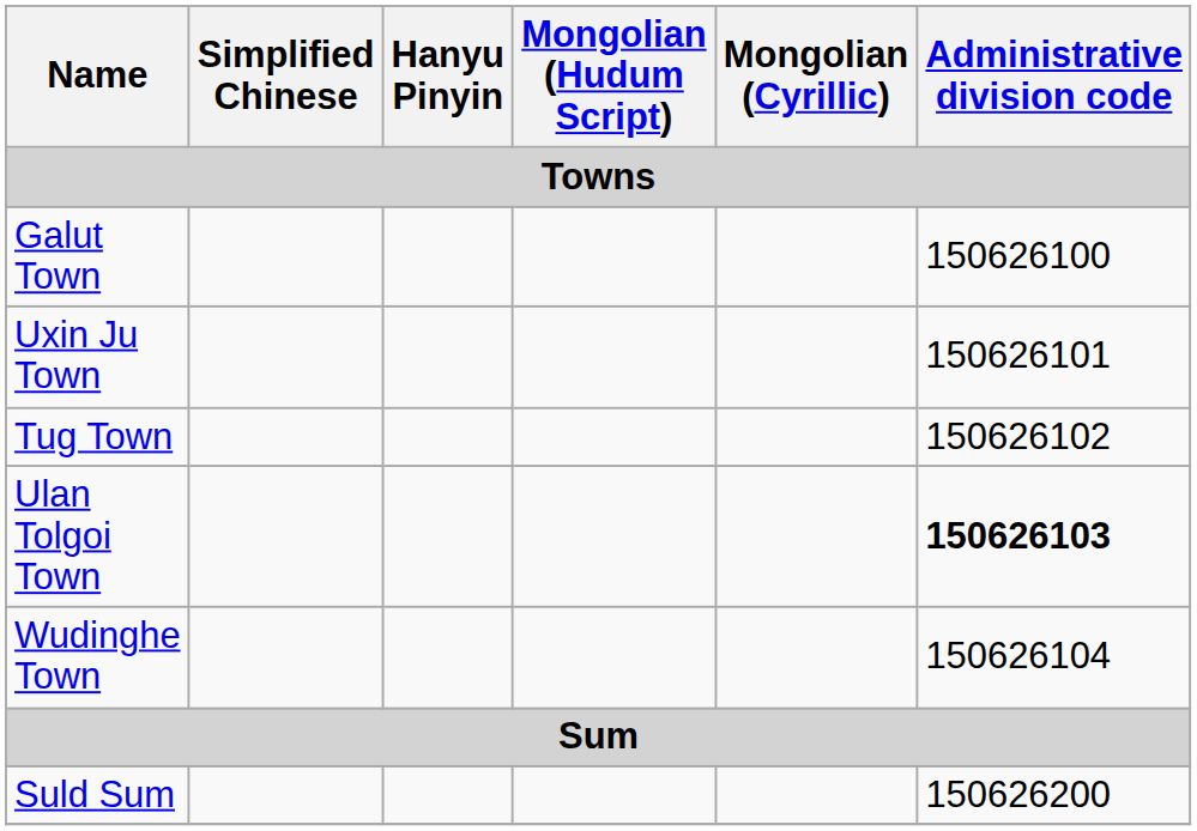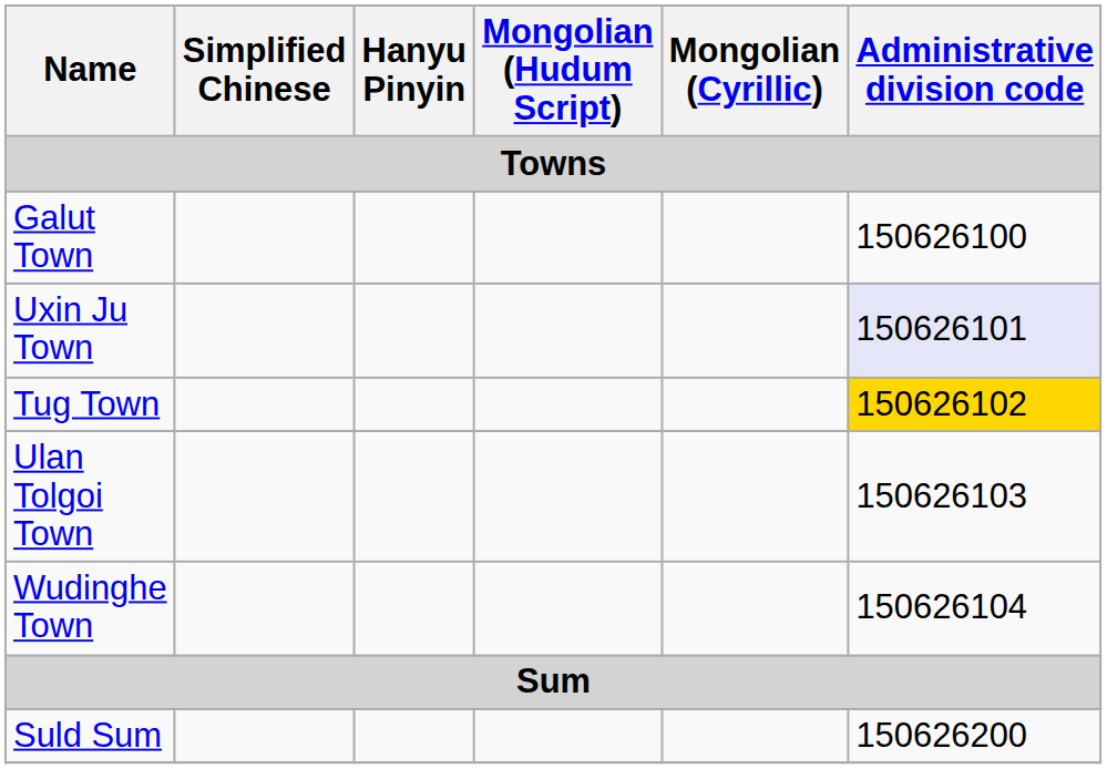 <table class="wikitable" align="center" style="width:50%; border="1">
 <tr>
 <th>Name</th>
 <th>Simplified Chinese</th>
 <th>Hanyu Pinyin</th>
 <th><a href='#'>Mongolian</a> (<a href='#'>Hudum Script</a>)</th>
 <th>Mongolian (<a href='#'>Cyrillic</a>)</th>
 <th><a href='#'>Administrative division code</a></th>
 </tr>
 <tr>
 <td colspan="6"  style="text-align:center; background:#d3d3d3;"><strong>Towns</strong></td>
 </tr>
 <tr --------->
 <td><a href='#'>Galut Town</a></td>
 <td></td>
 <td></td>
 <td></td>
 <td></td>
 <td>150626100</td>
 </tr>
 <tr>
 <td><a href='#'>Uxin Ju Town</a></td>
 <td></td>
 <td></td>
 <td></td>
 <td></td>
-<td>150626101</td>
+<td style="background: lavender;">150626101</td>
 </tr>
 <tr>
 <td><a href='#'>Tug Town</a></td>
 <td></td>
 <td></td>
 <td></td>
 <td></td>
-<td>150626102</td>
+<td style="background: gold;">150626102</td>
 </tr>
 <tr>
 <td><a href='#'>Ulan Tolgoi Town</a></td>
 <td></td>
 <td></td>
 <td></td>
 <td></td>
-<td><strong>150626103</strong></td>
+<td>150626103</td>
 </tr>
 <tr>
 <td><a href='#'>Wudinghe Town</a></td>
 <td></td>
 <td></td>
 <td></td>
 <td></td>
 <td>150626104</td>
 </tr>
 <tr>
 <td colspan="6"  style="text-align:center; background:#d3d3d3;"><strong>Sum</strong></td>
 </tr>
 <tr --------->
 <td><a href='#'>Suld Sum</a></td>
 <td></td>
 <td></td>
 <td></td>
 <td></td>
 <td>150626200</td>
 </tr>
 <tr>
 </tr>
 </table>
